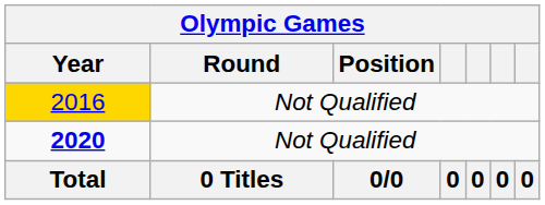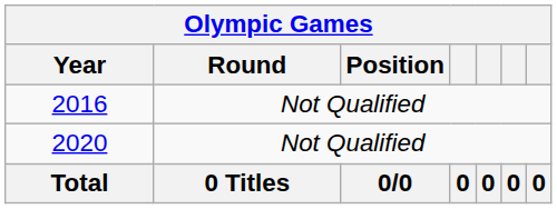 <table class="wikitable" style="text-align: center;">
 <tr>
 <th colspan=10><a href='#'>Olympic Games</a></th>
 </tr>
 <tr>
 <th style="width:5.5em;">Year</th>
 <th style="width:7em;">Round</th>
 <th>Position</th>
 <th></th>
 <th></th>
 <th></th>
 <th></th>
 </tr>
 <tr>
-<td style="background: gold;"> <a href='#'>2016</a></td>
+<td> <a href='#'>2016</a></td>
 <td colspan=6 align=center><em>Not Qualified</em></td>
 </tr>
 <tr>
-<td><strong> <a href='#'>2020</a></strong></td>
+<td> <a href='#'>2020</a></td>
 <td colspan=6 align=center><em>Not Qualified</em></td>
 </tr>
 <tr>
 <th>Total</th>
 <th>0 Titles</th>
 <th>0/0</th>
 <th>0</th>
 <th>0</th>
 <th>0</th>
 <th>0</th>
 </tr>
 </table>
